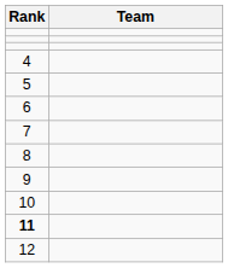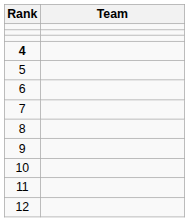 <table class=wikitable style="text-align:center;">
 <tr>
 <th>Rank</th>
 <th width=180>Team</th>
 </tr>
 <tr>
 <td></td>
 <td align=left></td>
 </tr>
 <tr>
 <td></td>
 <td align=left></td>
 </tr>
 <tr>
 <td></td>
 <td align=left></td>
 </tr>
 <tr>
-<td>4</td>
+<td><strong>4</strong></td>
 <td align=left></td>
 </tr>
 <tr>
 <td>5</td>
 <td align=left></td>
 </tr>
 <tr>
 <td>6</td>
 <td align=left></td>
 </tr>
 <tr>
 <td>7</td>
 <td align=left></td>
 </tr>
 <tr>
 <td>8</td>
 <td align=left></td>
 </tr>
 <tr>
 <td>9</td>
 <td align=left></td>
 </tr>
 <tr>
 <td>10</td>
 <td align=left></td>
 </tr>
 <tr>
-<td><strong>11</strong></td>
+<td>11</td>
 <td align=left></td>
 </tr>
 <tr>
 <td>12</td>
 <td align=left></td>
 </tr>
 </table>
